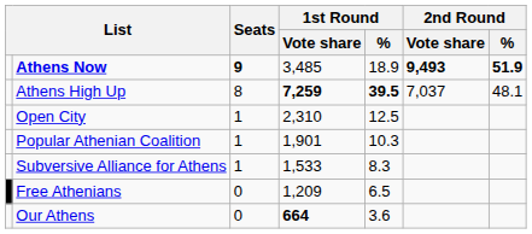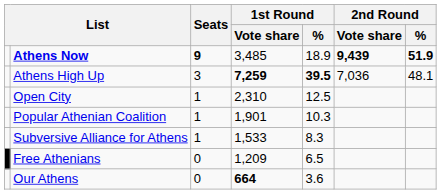 <table class="wikitable">
 <tr>
 <th colspan="2" rowspan="2">List</th>
 <th rowspan="2">Seats</th>
 <th colspan="2">1st Round</th>
 <th colspan="2">2nd Round</th>
 </tr>
 <tr>
 <th><strong>Vote share</strong></th>
 <th>%</th>
 <th><strong>Vote share</strong></th>
 <th>%</th>
 </tr>
 <tr>
 <td style="background-color:"></td>
 <td><strong><a href='#'>Athens Now</a></strong></td>
 <td><strong>9</strong></td>
 <td>3,485</td>
 <td>18.9</td>
-<td><strong>9,493</strong></td>
+<td><strong>9,439</strong></td>
 <td><strong>51.9</strong></td>
 </tr>
 <tr>
 <td style="background-color:"></td>
 <td><a href='#'>Athens High Up</a></td>
-<td>8</td>
+<td>3</td>
 <td><strong>7,259</strong></td>
 <td><strong>39.5</strong></td>
-<td>7,037</td>
+<td>7,036</td>
 <td>48.1</td>
 </tr>
 <tr>
 <td style="background-color:"></td>
 <td><a href='#'>Open City</a></td>
 <td>1</td>
 <td>2,310</td>
 <td>12.5</td>
 <td></td>
 <td></td>
 </tr>
 <tr>
 <td style="background-color:"></td>
 <td><a href='#'>Popular Athenian Coalition</a></td>
 <td>1</td>
 <td>1,901</td>
 <td>10.3</td>
 <td></td>
 <td></td>
 </tr>
 <tr>
 <td style="background-color:"></td>
 <td><a href='#'>Subversive Alliance for Athens</a></td>
 <td>1</td>
 <td>1,533</td>
 <td>8.3</td>
 <td></td>
 <td></td>
 </tr>
 <tr>
 <td style="background-color:#000000"></td>
 <td><a href='#'>Free Athenians</a></td>
 <td>0</td>
 <td>1,209</td>
 <td>6.5</td>
 <td></td>
 <td></td>
 </tr>
 <tr>
 <td style="background-color:"></td>
 <td><a href='#'>Our Athens</a></td>
 <td>0</td>
 <td><strong>664</strong></td>
 <td>3.6</td>
 <td></td>
 <td></td>
 </tr>
 </table>
